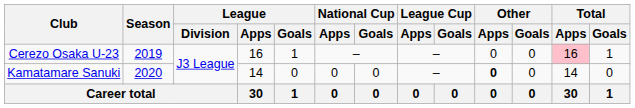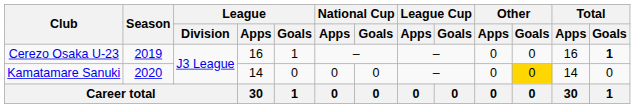 <table class="wikitable" style="text-align: center">
 <tr>
 <th rowspan="2">Club</th>
 <th rowspan="2">Season</th>
 <th colspan="3">League</th>
 <th colspan="2">National Cup</th>
 <th colspan="2">League Cup</th>
 <th colspan="2">Other</th>
 <th colspan="2">Total</th>
 </tr>
 <tr>
 <th>Division</th>
 <th>Apps</th>
 <th>Goals</th>
 <th>Apps</th>
 <th>Goals</th>
 <th>Apps</th>
 <th>Goals</th>
 <th>Apps</th>
 <th>Goals</th>
 <th>Apps</th>
 <th>Goals</th>
 </tr>
 <tr>
 <td><a href='#'>Cerezo Osaka U-23</a></td>
 <td><a href='#'>2019</a></td>
 <td rowspan="2"><a href='#'>J3 League</a></td>
 <td>16</td>
 <td>1</td>
 <td colspan="2">–</td>
 <td colspan="2">–</td>
 <td>0</td>
 <td>0</td>
-<td style="background: pink;">16</td>
-<td>1</td>
+<td>16</td>
+<td><strong>1</strong></td>
 </tr>
 <tr>
 <td><a href='#'>Kamatamare Sanuki</a></td>
 <td><a href='#'>2020</a></td>
 <td>14</td>
 <td>0</td>
 <td>0</td>
 <td>0</td>
 <td colspan="2">–</td>
-<td><strong>0</strong></td>
 <td>0</td>
+<td style="background: gold;">0</td>
 <td>14</td>
 <td>0</td>
 </tr>
 <tr>
 <th colspan=3>Career total</th>
 <th>30</th>
 <th>1</th>
 <th>0</th>
 <th>0</th>
 <th>0</th>
 <th>0</th>
 <th>0</th>
 <th>0</th>
 <th>30</th>
 <th>1</th>
 </tr>
 </table>
